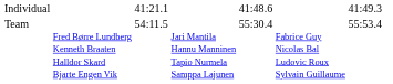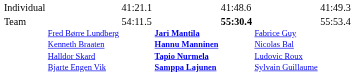 <table>
 <tr valign="top">
 <td>Individual <br></td>
 <td></td>
 <td>41:21.1</td>
 <td></td>
 <td>41:48.6</td>
 <td></td>
 <td>41:49.3</td>
 </tr>
 <tr valign="top">
 <td>Team <br></td>
 <td> <small><br><a href='#'>Fred Børre Lundberg</a><br><a href='#'>Kenneth Braaten</a><br><a href='#'>Halldor Skard</a><br><a href='#'>Bjarte Engen Vik</a></small></td>
 <td>54:11.5</td>
-<td> <small><br><a href='#'>Jari Mantila</a><br><a href='#'>Hannu Manninen</a><br><a href='#'>Tapio Nurmela</a><br><a href='#'>Samppa Lajunen</a></small></td>
-<td>55:30.4</td>
+<td><strong> <small><br><a href='#'>Jari Mantila</a><br><a href='#'>Hannu Manninen</a><br><a href='#'>Tapio Nurmela</a><br><a href='#'>Samppa Lajunen</a></small></strong></td>
+<td><strong>55:30.4</strong></td>
 <td> <small><br><a href='#'>Fabrice Guy</a><br><a href='#'>Nicolas Bal</a><br><a href='#'>Ludovic Roux</a><br><a href='#'>Sylvain Guillaume</a></small></td>
 <td>55:53.4</td>
 </tr>
 </table>
